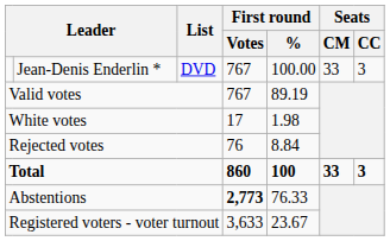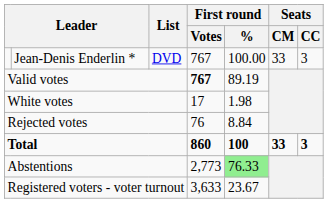 <table class="wikitable">
 <tr>
 <th colspan="2" rowspan="2">Leader</th>
 <th rowspan="2">List</th>
 <th colspan="2">First round</th>
 <th colspan="2">Seats</th>
 </tr>
 <tr>
 <th>Votes</th>
 <th>%</th>
 <th>CM</th>
 <th>CC</th>
 </tr>
 <tr>
 <td bgcolor=></td>
 <td>Jean-Denis Enderlin *</td>
 <td><a href='#'>DVD</a></td>
 <td>767</td>
 <td>100.00</td>
 <td>33</td>
 <td>3</td>
 </tr>
 <tr>
 <td colspan="3">Valid votes</td>
-<td>767</td>
+<td><strong>767</strong></td>
 <td>89.19</td>
 <th colspan="2" rowspan="3"></th>
 </tr>
 <tr>
 <td colspan="3">White votes</td>
 <td>17</td>
 <td>1.98</td>
 </tr>
 <tr>
 <td colspan="3">Rejected votes</td>
 <td>76</td>
 <td>8.84</td>
 </tr>
 <tr>
 <td colspan="3"><strong>Total</strong></td>
 <td><strong>860</strong></td>
 <td><strong>100</strong></td>
 <td><strong>33</strong></td>
 <td><strong>3</strong></td>
 </tr>
 <tr>
 <td colspan="3">Abstentions</td>
-<td><strong>2,773</strong></td>
-<td>76.33</td>
+<td>2,773</td>
+<td style="background: lightgreen;">76.33</td>
 <th colspan="2" rowspan="2"></th>
 </tr>
 <tr>
 <td colspan="3">Registered voters - voter turnout</td>
 <td>3,633</td>
 <td>23.67</td>
 </tr>
 </table>
